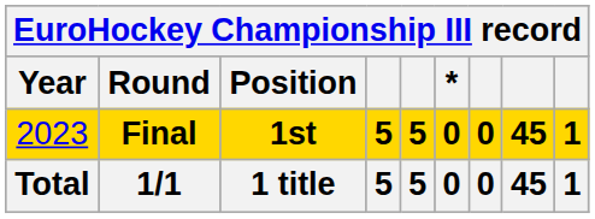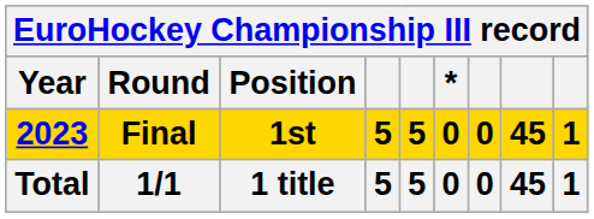 <table class="wikitable" style="text-align: center;">
 <tr>
 <th colspan=9><a href='#'>EuroHockey Championship III</a> record</th>
 </tr>
 <tr>
 <th>Year</th>
 <th>Round</th>
 <th>Position</th>
 <th></th>
 <th></th>
 <th>*</th>
 <th></th>
 <th></th>
 <th></th>
 </tr>
 <tr bgcolor=gold>
-<td> <a href='#'>2023</a></td>
+<td><strong> <a href='#'>2023</a></strong></td>
 <td><strong>Final</strong></td>
 <td><strong>1st</strong></td>
 <td><strong>5</strong></td>
 <td><strong>5</strong></td>
 <td><strong>0</strong></td>
 <td><strong>0</strong></td>
 <td><strong>45</strong></td>
 <td><strong>1</strong></td>
 </tr>
 <tr>
 <th>Total</th>
 <th>1/1</th>
 <th>1 title</th>
 <th>5</th>
 <th>5</th>
 <th>0</th>
 <th>0</th>
 <th>45</th>
 <th>1</th>
 </tr>
 </table>
